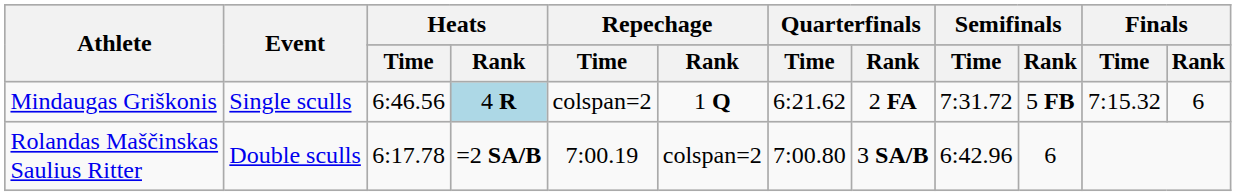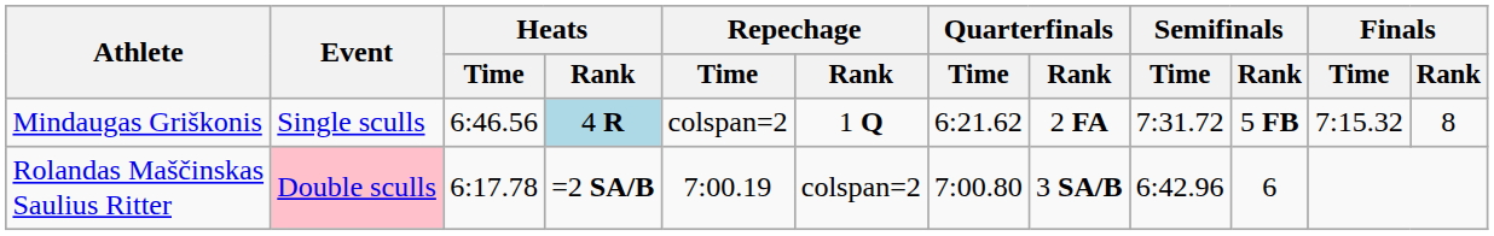 <table class="wikitable" style="font-size:90%">
 <tr>
 <th rowspan="2">Athlete</th>
 <th rowspan="2">Event</th>
 <th colspan="2">Heats</th>
 <th colspan="2">Repechage</th>
 <th colspan="2">Quarterfinals</th>
 <th colspan="2">Semifinals</th>
 <th colspan="2">Finals</th>
 </tr>
 <tr style="font-size:95%">
 <th>Time</th>
 <th>Rank</th>
 <th>Time</th>
 <th>Rank</th>
 <th>Time</th>
 <th>Rank</th>
 <th>Time</th>
 <th>Rank</th>
 <th>Time</th>
 <th>Rank</th>
 </tr>
 <tr align=center>
 <td align=left><a href='#'>Mindaugas Griškonis</a></td>
 <td align=left><a href='#'>Single sculls</a></td>
 <td>6:46.56</td>
 <td style="background: lightblue;">4 <strong>R</strong></td>
 <td>colspan=2 </td>
 <td>1 <strong>Q</strong></td>
 <td>6:21.62</td>
 <td>2 <strong>FA</strong></td>
 <td>7:31.72</td>
 <td>5 <strong>FB</strong></td>
 <td>7:15.32</td>
-<td>6</td>
+<td>8</td>
 </tr>
 <tr align=center>
 <td align=left><a href='#'>Rolandas Maščinskas</a><br><a href='#'>Saulius Ritter</a></td>
-<td align=left><a href='#'>Double sculls</a></td>
+<td align=left style="background: pink;"><a href='#'>Double sculls</a></td>
 <td>6:17.78</td>
 <td>=2 <strong>SA/B</strong></td>
 <td>7:00.19</td>
 <td>colspan=2 </td>
 <td>7:00.80</td>
 <td>3 <strong>SA/B</strong></td>
 <td>6:42.96</td>
 <td>6</td>
 </tr>
 </table>
